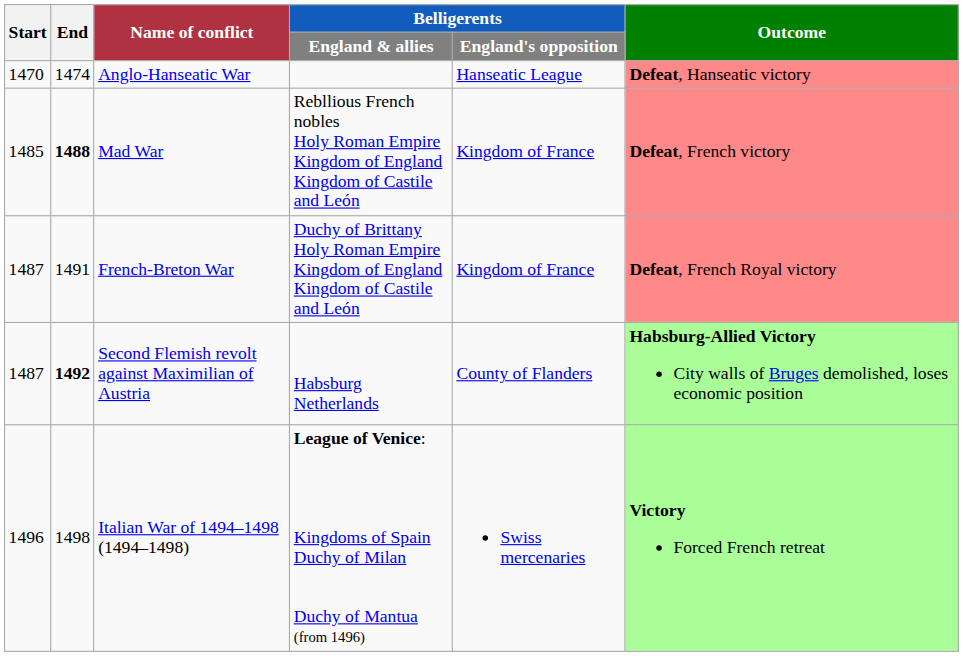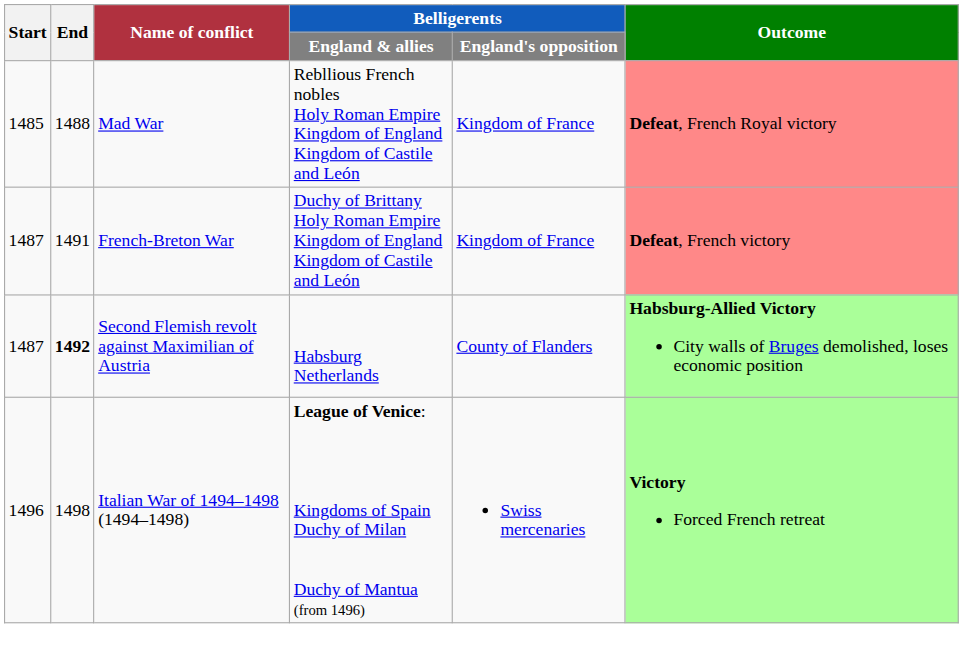 <table class="wikitable sortable">
 <tr>
 <th rowspan="2" width="25">Start</th>
 <th rowspan="2" width="25">End</th>
 <th style="color: white; background:#b0313f;" rowspan="2" width="200" class="unsortable">Name of conflict</th>
 <th style="color: white; background:#115cbc;" colspan="2" class="unsortable">Belligerents</th>
 <th style="color: white; background:green;" rowspan="2" width="350" class="unsortable">Outcome</th>
 </tr>
 <tr>
 <th style="color: white; background:gray;" width="160" class="unsortable">England & allies</th>
 <th style="color: white; background:gray;" width="160" class="unsortable">England's opposition</th>
 </tr>
 <tr>
-<td>1470</td>
-<td>1474</td>
-<td><a href='#'>Anglo-Hanseatic War</a></td>
-<td></td>
-<td> <a href='#'>Hanseatic League</a></td>
-<td style="Background:#F88"><strong>Defeat</strong>, Hanseatic victory</td>
-</tr>
-<tr>
 <td>1485</td>
-<td><strong>1488</strong></td>
+<td>1488</td>
 <td><a href='#'>Mad War</a></td>
 <td>Rebllious French nobles<br> <a href='#'>Holy Roman Empire</a><br>  <a href='#'>Kingdom of England</a><br> <a href='#'>Kingdom of Castile and León</a></td>
 <td> <a href='#'>Kingdom of France</a></td>
-<td style="Background:#F88"><strong>Defeat</strong>, French victory</td>
+<td style="Background:#F88"><strong>Defeat</strong>, French Royal victory</td>
 </tr>
 <tr>
 <td>1487</td>
 <td>1491</td>
 <td><a href='#'>French-Breton War</a></td>
 <td> <a href='#'>Duchy of Brittany</a><br> <a href='#'>Holy Roman Empire</a><br>  <a href='#'>Kingdom of England</a><br> <a href='#'>Kingdom of Castile and León</a></td>
 <td> <a href='#'>Kingdom of France</a></td>
-<td style="Background:#F88"><strong>Defeat</strong>, French Royal victory</td>
+<td style="Background:#F88"><strong>Defeat</strong>, French victory</td>
 </tr>
 <tr>
 <td>1487</td>
 <td><strong>1492</strong></td>
 <td><a href='#'>Second Flemish revolt against Maximilian of Austria</a></td>
 <td><br><br> <a href='#'>Habsburg Netherlands</a></td>
 <td> <a href='#'>County of Flanders</a></td>
 <td style="Background:#AF9"><strong>Habsburg-Allied Victory</strong><br><ul><li>City walls of <a href='#'>Bruges</a> demolished, loses economic position</li></ul></td>
 </tr>
 <tr>
 <td>1496</td>
 <td>1498</td>
 <td><a href='#'>Italian War of 1494–1498</a><br>(1494–1498)</td>
 <td><strong>League of Venice</strong>:<br><br><br> <br> <br>  <a href='#'>Kingdoms of Spain</a><br>  <a href='#'>Duchy of Milan</a><br> <br> <br>  <a href='#'>Duchy of Mantua</a><br>  <small>(from 1496)</small></td>
 <td><br><ul><li> <a href='#'>Swiss mercenaries</a></li></ul></td>
 <td style="Background:#AF9"><strong>Victory</strong><br><ul><li>Forced French retreat</li></ul></td>
 </tr>
 </table>
